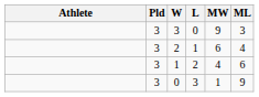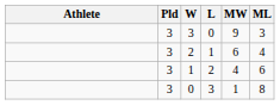 <table class="wikitable" style="text-align:center">
 <tr>
 <th width=200>Athlete</th>
 <th width=20>Pld</th>
 <th width=20>W</th>
 <th width=20>L</th>
 <th width=20>MW</th>
 <th width=20>ML</th>
 </tr>
 <tr>
 <td style="text-align:left"></td>
 <td>3</td>
 <td>3</td>
 <td>0</td>
 <td>9</td>
 <td>3</td>
 </tr>
 <tr>
 <td style="text-align:left"></td>
 <td>3</td>
 <td>2</td>
 <td>1</td>
 <td>6</td>
 <td>4</td>
 </tr>
 <tr>
 <td style="text-align:left"></td>
 <td>3</td>
 <td>1</td>
 <td>2</td>
 <td>4</td>
 <td>6</td>
 </tr>
 <tr>
 <td style="text-align:left"></td>
 <td>3</td>
 <td>0</td>
 <td>3</td>
 <td>1</td>
-<td>9</td>
+<td>8</td>
 </tr>
 </table>
